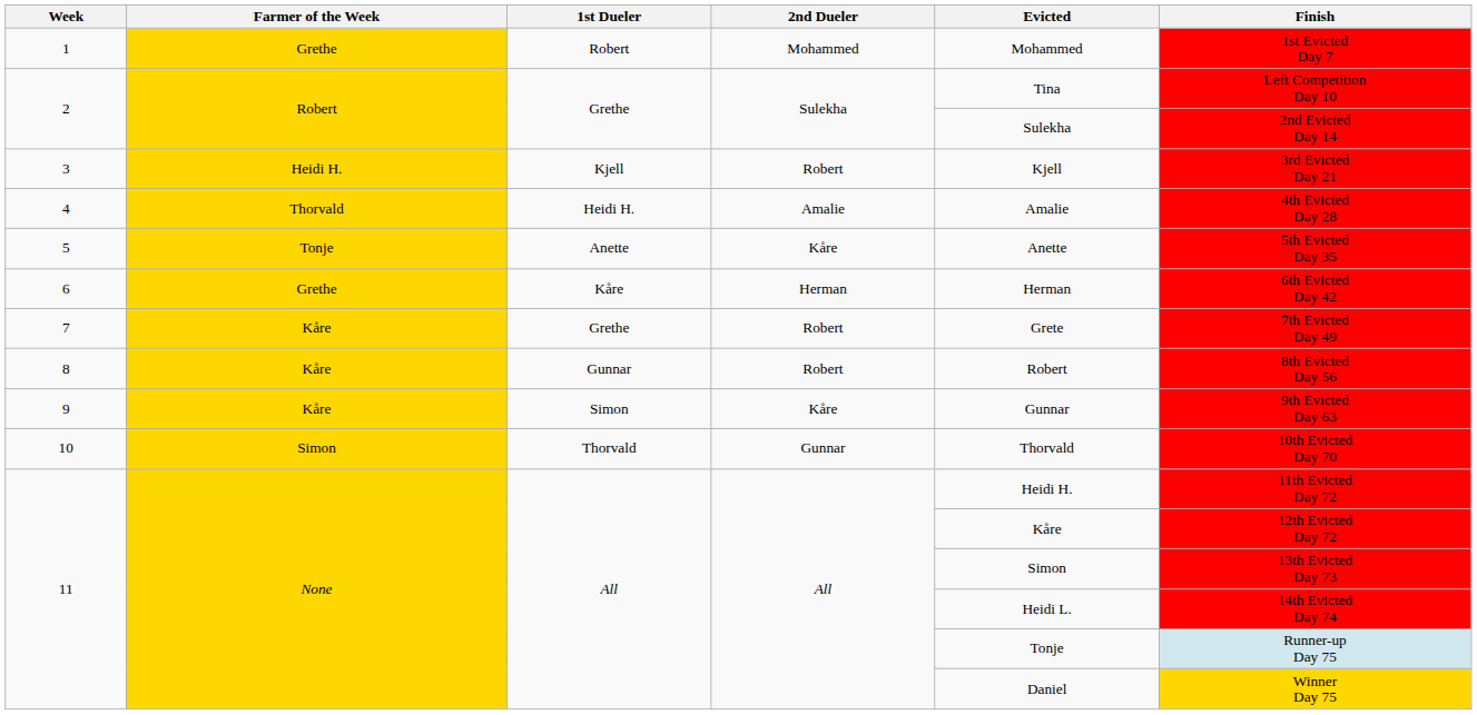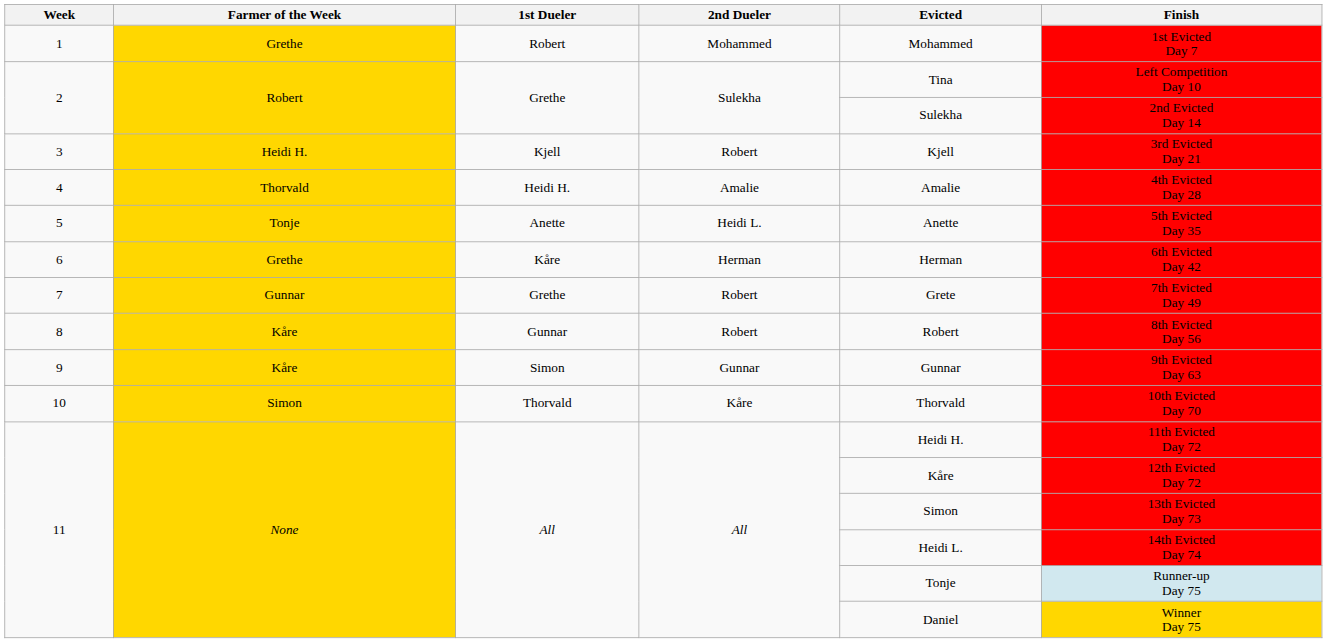 <table class="wikitable" style="font-size:100%; text-align:center; width: 80%; margin-left: auto; margin-right: auto;">
 <tr>
 <th>Week</th>
 <th>Farmer of the Week</th>
 <th>1st Dueler</th>
 <th>2nd Dueler</th>
 <th>Evicted</th>
 <th>Finish</th>
 </tr>
 <tr>
 <td>1</td>
 <td style="background:gold;">Grethe</td>
 <td>Robert</td>
 <td>Mohammed</td>
 <td>Mohammed</td>
 <td style="background:#ff0000">1st Evicted<br>Day 7</td>
 </tr>
 <tr>
 <td rowspan="2">2</td>
 <td rowspan="2" style="background:gold;">Robert</td>
 <td rowspan="2">Grethe</td>
 <td rowspan="2">Sulekha</td>
 <td rowspan="1">Tina</td>
 <td rowspan="1" style="background:#ff0000">Left Competition<br>Day 10</td>
 </tr>
 <tr>
 <td rowspan="1">Sulekha</td>
 <td rowspan="1" style="background:#ff0000">2nd Evicted<br>Day 14</td>
 </tr>
 <tr>
 <td>3</td>
 <td style="background:gold;">Heidi H.</td>
 <td>Kjell</td>
 <td>Robert</td>
 <td>Kjell</td>
 <td style="background:#ff0000">3rd Evicted<br>Day 21</td>
 </tr>
 <tr>
 <td>4</td>
 <td style="background:gold;">Thorvald</td>
 <td>Heidi H.</td>
 <td>Amalie</td>
 <td>Amalie</td>
 <td style="background:#ff0000">4th Evicted<br>Day 28</td>
 </tr>
 <tr>
 <td>5</td>
 <td style="background:gold;">Tonje</td>
 <td>Anette</td>
-<td>Kåre</td>
+<td>Heidi L.</td>
 <td>Anette</td>
 <td style="background:#ff0000">5th Evicted<br>Day 35</td>
 </tr>
 <tr>
 <td>6</td>
 <td style="background:gold;">Grethe</td>
 <td>Kåre</td>
 <td>Herman</td>
 <td>Herman</td>
 <td style="background:#ff0000">6th Evicted<br>Day 42</td>
 </tr>
 <tr>
 <td>7</td>
-<td style="background:gold;">Kåre</td>
+<td style="background:gold;">Gunnar</td>
 <td>Grethe</td>
 <td>Robert</td>
 <td>Grete</td>
 <td style="background:#ff0000">7th Evicted<br>Day 49</td>
 </tr>
 <tr>
 <td>8</td>
 <td style="background:gold;">Kåre</td>
 <td>Gunnar</td>
 <td>Robert</td>
 <td>Robert</td>
 <td style="background:#ff0000">8th Evicted<br>Day 56</td>
 </tr>
 <tr>
 <td>9</td>
 <td style="background:gold;">Kåre</td>
 <td>Simon</td>
-<td>Kåre</td>
+<td>Gunnar</td>
 <td>Gunnar</td>
 <td style="background:#ff0000">9th Evicted<br>Day 63</td>
 </tr>
 <tr>
 <td>10</td>
 <td style="background:gold;">Simon</td>
 <td>Thorvald</td>
-<td>Gunnar</td>
+<td>Kåre</td>
 <td>Thorvald</td>
 <td style="background:#ff0000">10th Evicted<br>Day 70</td>
 </tr>
 <tr>
 <td rowspan="6">11</td>
 <td rowspan="6" style="background:gold;"><em>None</em></td>
 <td rowspan="6"><em>All</em></td>
 <td rowspan="6"><em>All</em></td>
 <td>Heidi H.</td>
 <td style="background:#ff0000">11th Evicted<br>Day 72</td>
 </tr>
 <tr>
 <td>Kåre</td>
 <td style="background:#ff0000">12th Evicted<br>Day 72</td>
 </tr>
 <tr>
 <td>Simon</td>
 <td style="background:#ff0000">13th Evicted<br>Day 73</td>
 </tr>
 <tr>
 <td>Heidi L.</td>
 <td style="background:#ff0000">14th Evicted<br>Day 74</td>
 </tr>
 <tr>
 <td>Tonje</td>
 <td style="background:#D1E8EF;">Runner-up<br>Day 75</td>
 </tr>
 <tr>
 <td>Daniel</td>
 <td style="background:gold;">Winner<br>Day 75</td>
 </tr>
 </table>
